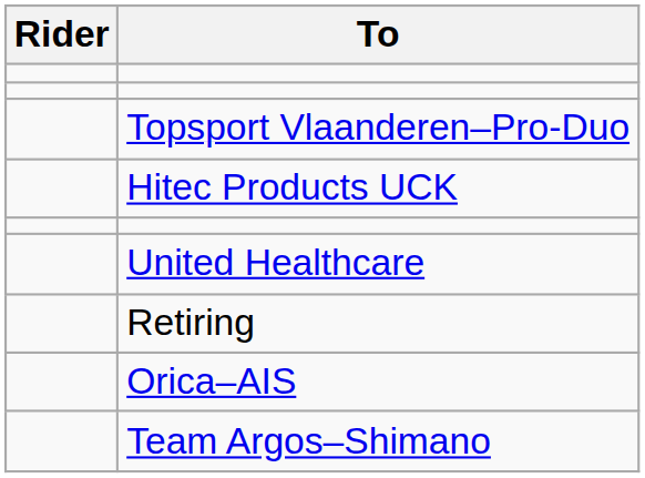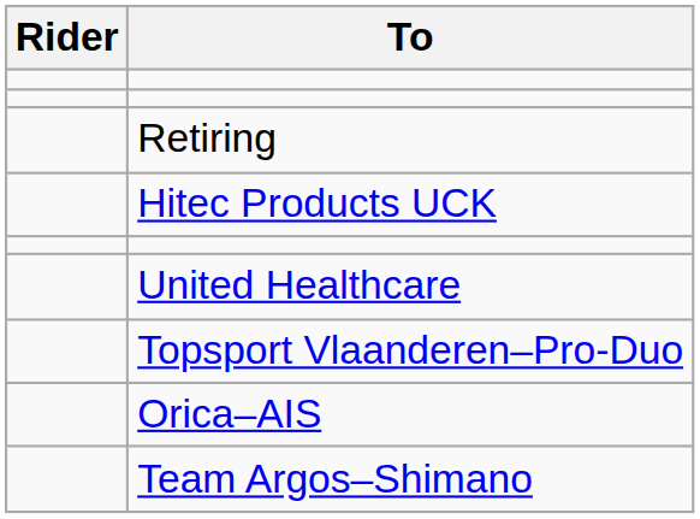 <table class="wikitable sortable">
 <tr>
 <th>Rider</th>
 <th>To</th>
 </tr>
 <tr>
 <td></td>
 <td></td>
 </tr>
 <tr>
 <td></td>
 <td></td>
 </tr>
 <tr>
 <td></td>
-<td><a href='#'>Topsport Vlaanderen–Pro-Duo</a></td>
+<td>Retiring</td>
 </tr>
 <tr>
 <td></td>
 <td><a href='#'>Hitec Products UCK</a></td>
 </tr>
 <tr>
 <td></td>
 <td></td>
 </tr>
 <tr>
 <td></td>
 <td><a href='#'>United Healthcare</a></td>
 </tr>
 <tr>
 <td></td>
-<td>Retiring</td>
+<td><a href='#'>Topsport Vlaanderen–Pro-Duo</a></td>
 </tr>
 <tr>
 <td></td>
 <td><a href='#'>Orica–AIS</a></td>
 </tr>
 <tr>
 <td></td>
 <td><a href='#'>Team Argos–Shimano</a></td>
 </tr>
 </table>
